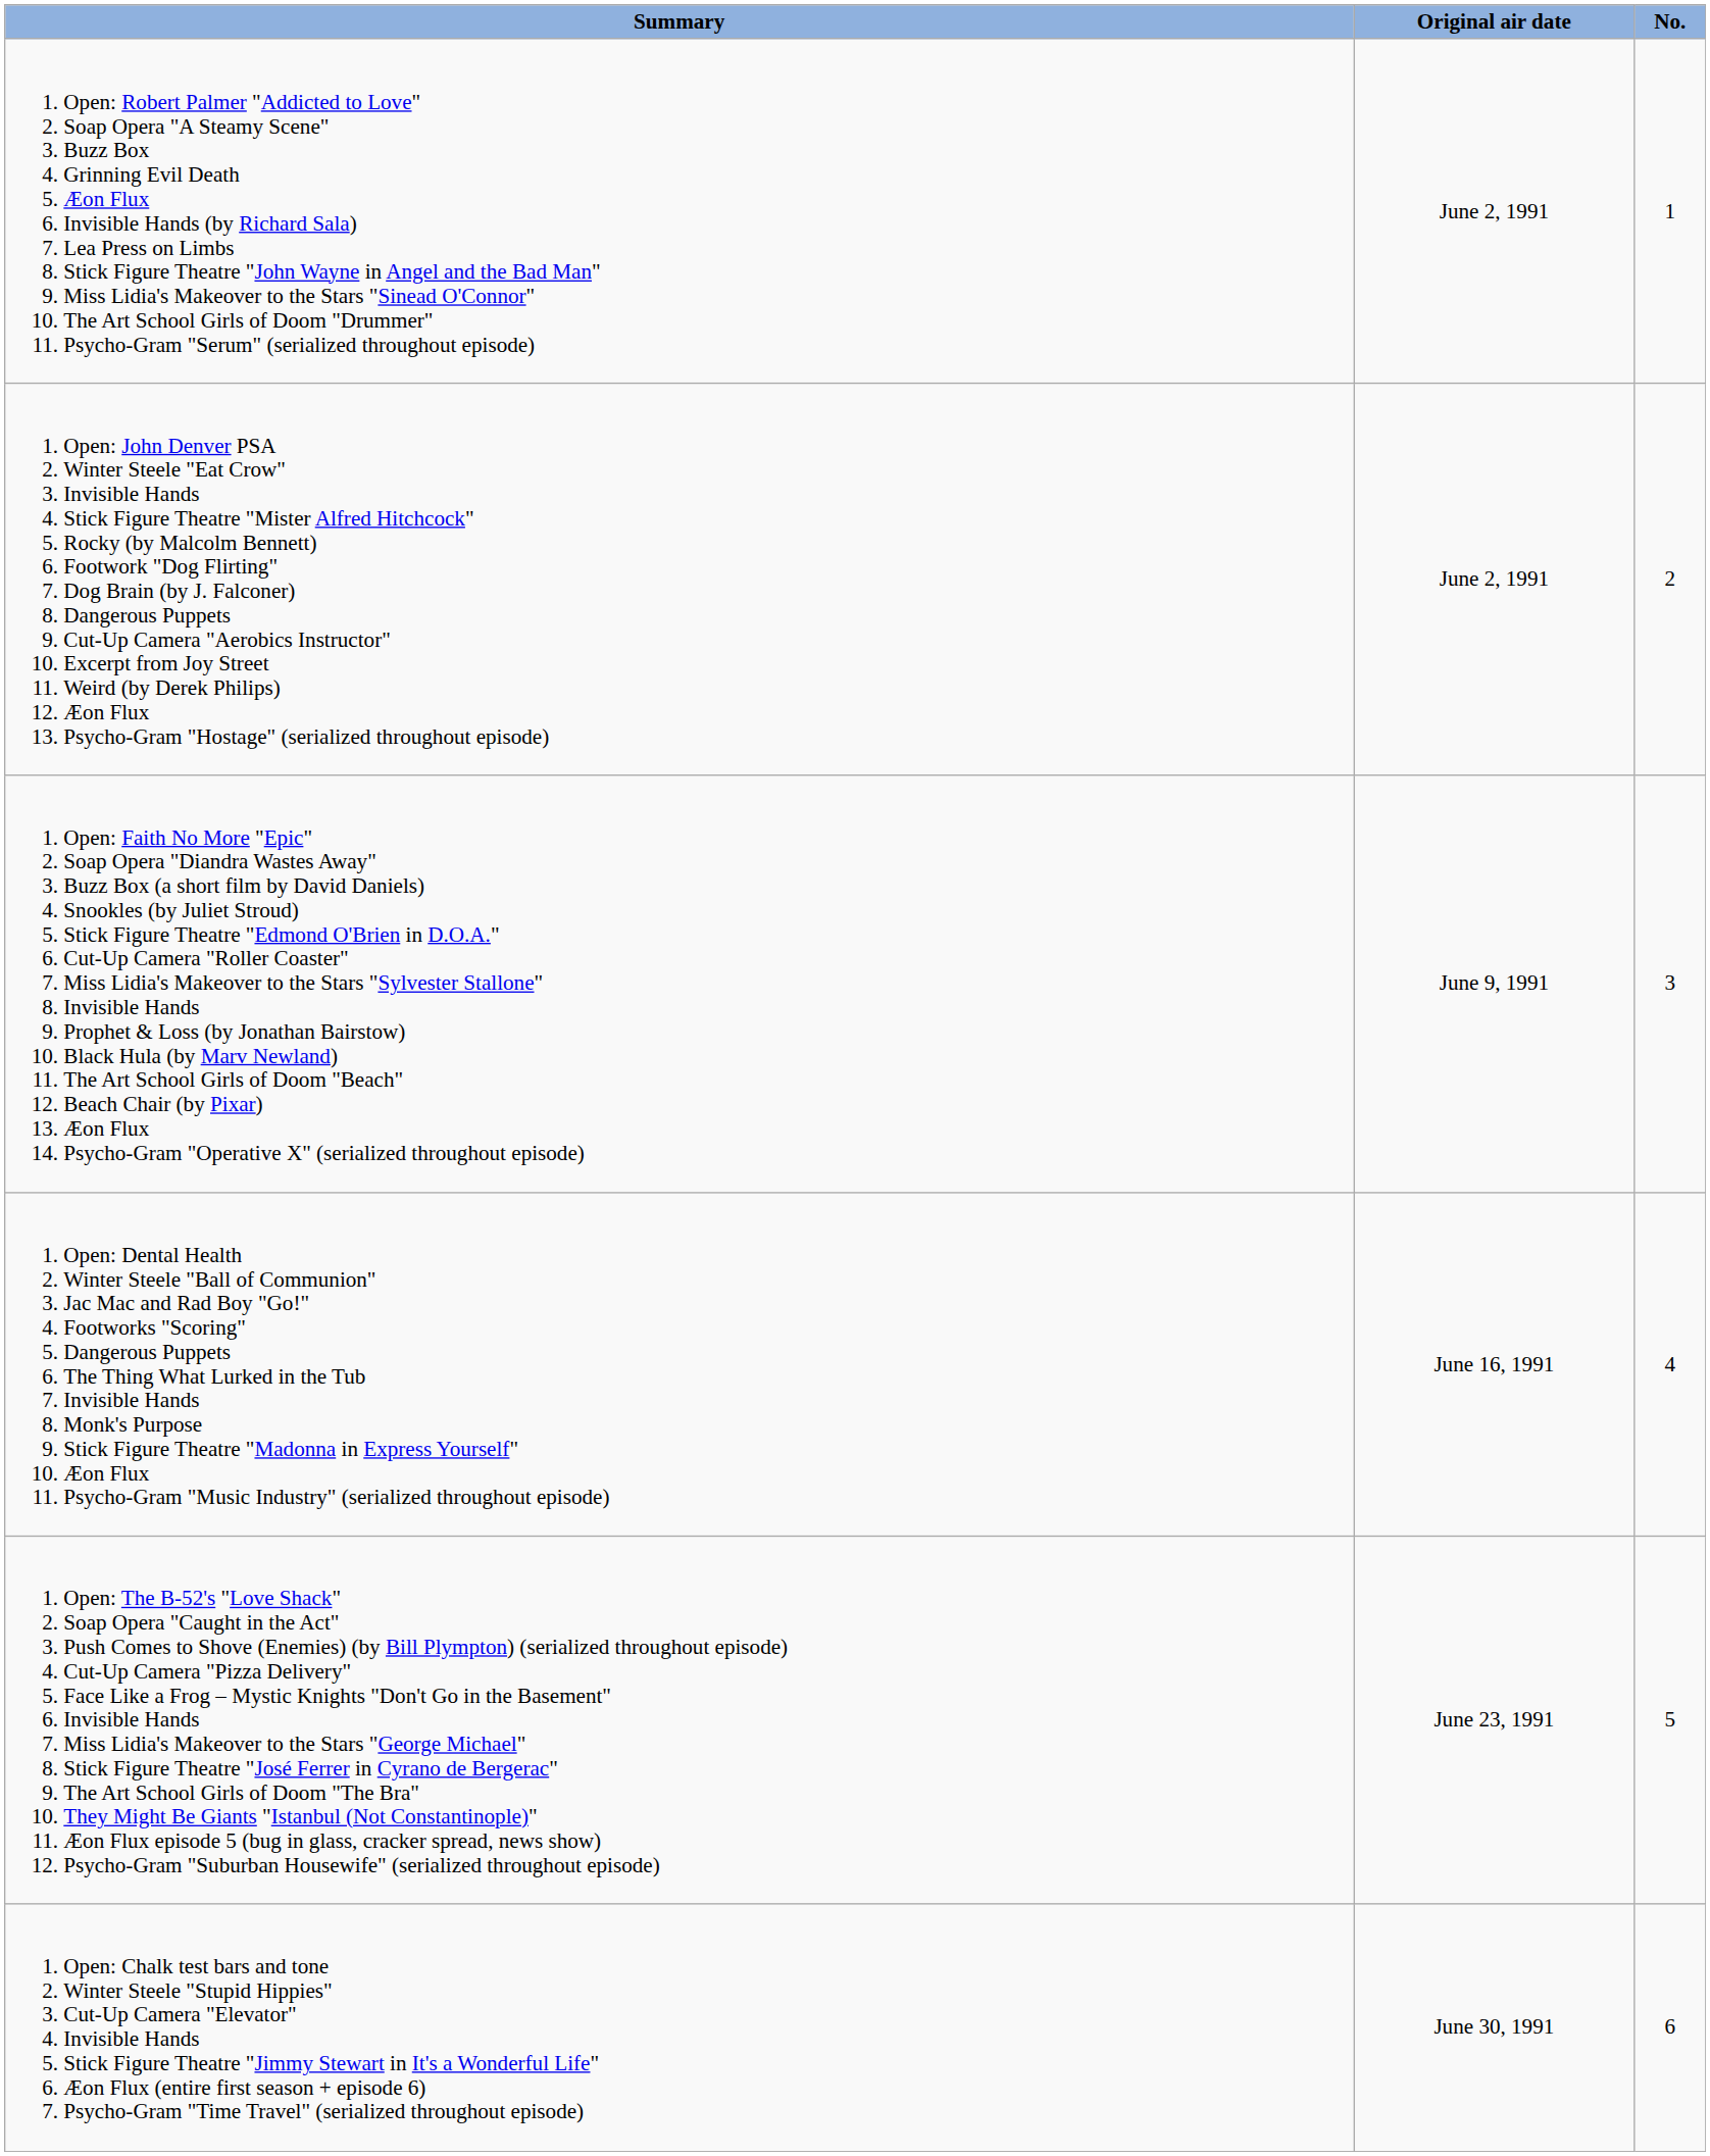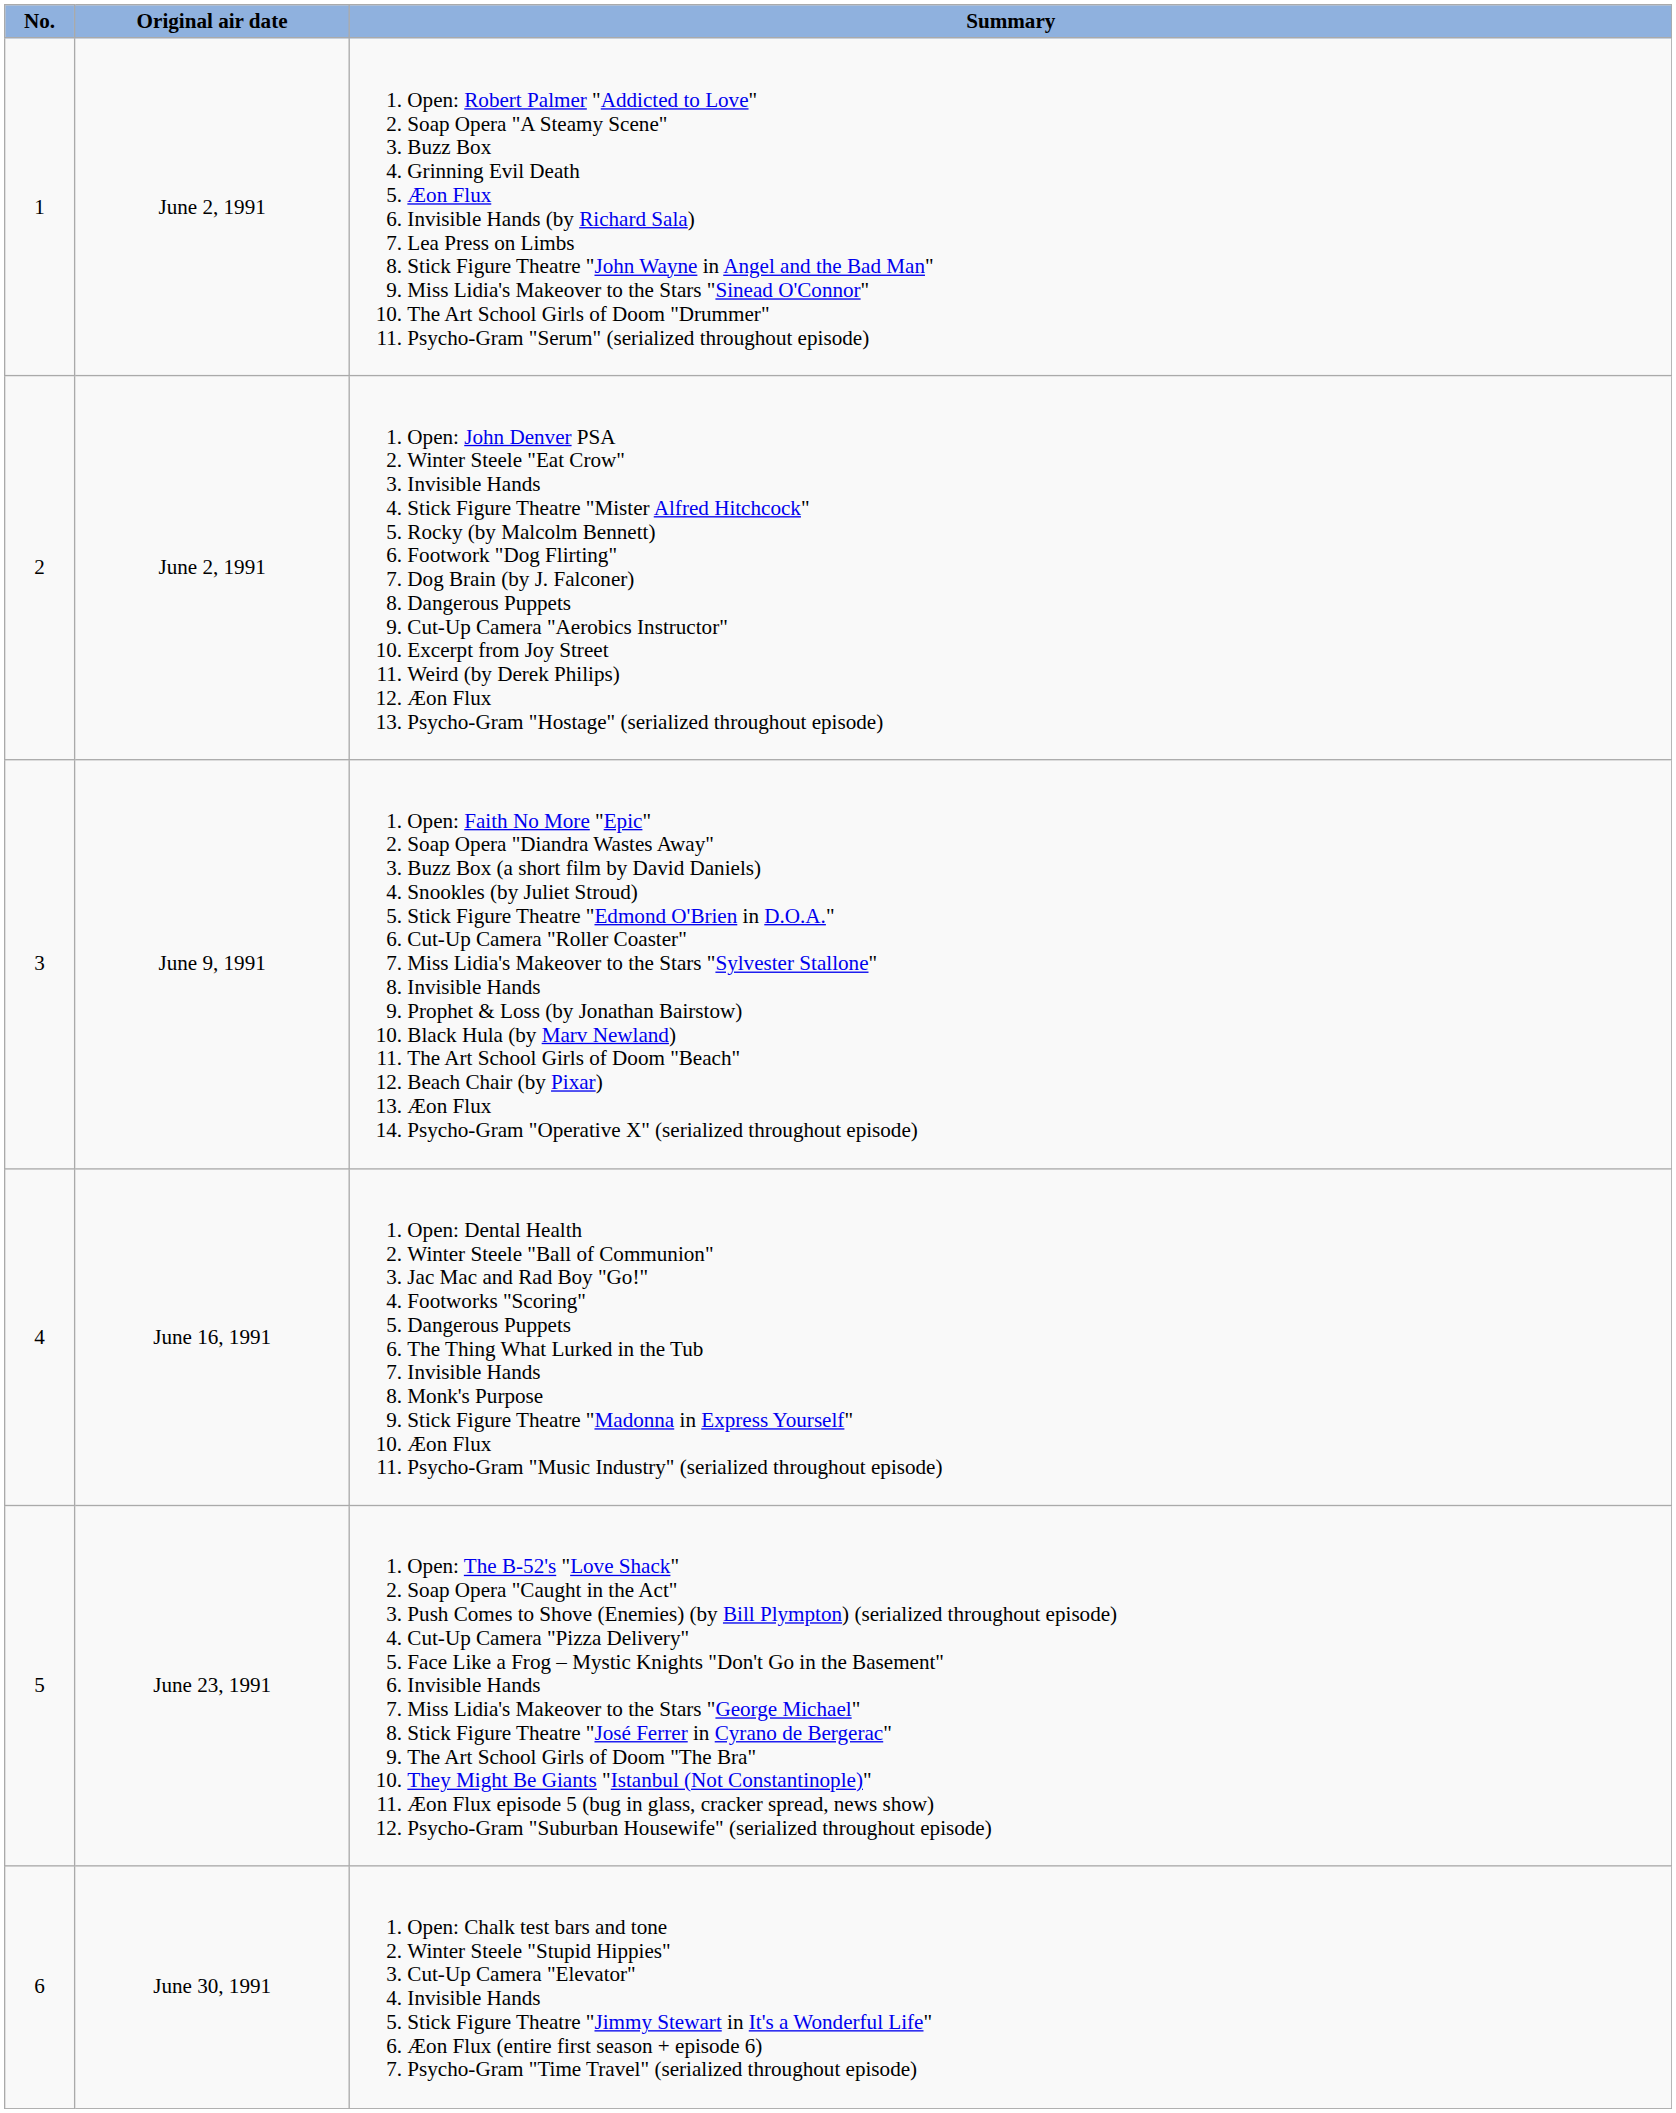 <table class="wikitable plainrowheaders" border="1" style="width:100%;">
 <tr>
+<th style="background:#8fb1de">No.</th>
+<th style="background:#8fb1de">Original air date</th>
 <th style="background:#8fb1de">Summary</th>
-<th style="background:#8fb1de">Original air date</th>
-<th style="background:#8fb1de">No.</th>
 </tr>
 <tr>
+<td style="text-align:center;">1</td>
+<td style="text-align:center;">June 2, 1991</td>
 <td><br><ol><li>Open: <a href='#'>Robert Palmer</a> "<a href='#'>Addicted to Love</a>"</li><li>Soap Opera "A Steamy Scene"</li><li>Buzz Box</li><li>Grinning Evil Death</li><li><a href='#'>Æon Flux</a></li><li>Invisible Hands (by <a href='#'>Richard Sala</a>)</li><li>Lea Press on Limbs</li><li>Stick Figure Theatre "<a href='#'>John Wayne</a> in <a href='#'>Angel and the Bad Man</a>"</li><li>Miss Lidia's Makeover to the Stars "<a href='#'>Sinead O'Connor</a>"</li><li>The Art School Girls of Doom "Drummer"</li><li>Psycho-Gram "Serum" (serialized throughout episode)</li></ol></td>
-<td style="text-align:center;">June 2, 1991</td>
-<td style="text-align:center;">1</td>
 </tr>
 <tr>
+<td style="text-align:center;">2</td>
+<td style="text-align:center;">June 2, 1991</td>
 <td><br><ol><li>Open: <a href='#'>John Denver</a> PSA</li><li>Winter Steele "Eat Crow"</li><li>Invisible Hands</li><li>Stick Figure Theatre "Mister <a href='#'>Alfred Hitchcock</a>"</li><li>Rocky (by Malcolm Bennett)</li><li>Footwork "Dog Flirting"</li><li>Dog Brain (by J. Falconer)</li><li>Dangerous Puppets</li><li>Cut-Up Camera "Aerobics Instructor"</li><li>Excerpt from Joy Street</li><li>Weird (by Derek Philips)</li><li>Æon Flux</li><li>Psycho-Gram "Hostage" (serialized throughout episode)</li></ol></td>
-<td style="text-align:center;">June 2, 1991</td>
-<td style="text-align:center;">2</td>
 </tr>
 <tr>
+<td style="text-align:center;">3</td>
+<td style="text-align:center;">June 9, 1991</td>
 <td><br><ol><li>Open: <a href='#'>Faith No More</a> "<a href='#'>Epic</a>"</li><li>Soap Opera "Diandra Wastes Away"</li><li>Buzz Box (a short film by David Daniels)</li><li>Snookles (by Juliet Stroud)</li><li>Stick Figure Theatre "<a href='#'>Edmond O'Brien</a> in <a href='#'>D.O.A.</a>"</li><li>Cut-Up Camera "Roller Coaster"</li><li>Miss Lidia's Makeover to the Stars "<a href='#'>Sylvester Stallone</a>"</li><li>Invisible Hands</li><li>Prophet & Loss (by Jonathan Bairstow)</li><li>Black Hula (by <a href='#'>Marv Newland</a>)</li><li>The Art School Girls of Doom "Beach"</li><li>Beach Chair (by <a href='#'>Pixar</a>)</li><li>Æon Flux</li><li>Psycho-Gram "Operative X" (serialized throughout episode)</li></ol></td>
-<td style="text-align:center;">June 9, 1991</td>
-<td style="text-align:center;">3</td>
 </tr>
 <tr>
+<td style="text-align:center;">4</td>
+<td style="text-align:center;">June 16, 1991</td>
 <td><br><ol><li>Open: Dental Health</li><li>Winter Steele "Ball of Communion"</li><li>Jac Mac and Rad Boy "Go!"</li><li>Footworks "Scoring"</li><li>Dangerous Puppets</li><li>The Thing What Lurked in the Tub</li><li>Invisible Hands</li><li>Monk's Purpose</li><li>Stick Figure Theatre "<a href='#'>Madonna</a> in <a href='#'>Express Yourself</a>"</li><li>Æon Flux</li><li>Psycho-Gram "Music Industry" (serialized throughout episode)</li></ol></td>
-<td style="text-align:center;">June 16, 1991</td>
-<td style="text-align:center;">4</td>
 </tr>
 <tr>
+<td style="text-align:center;">5</td>
+<td style="text-align:center;">June 23, 1991</td>
 <td><br><ol><li>Open: <a href='#'>The B-52's</a> "<a href='#'>Love Shack</a>"</li><li>Soap Opera "Caught in the Act"</li><li>Push Comes to Shove (Enemies) (by <a href='#'>Bill Plympton</a>) (serialized throughout episode)</li><li>Cut-Up Camera "Pizza Delivery"</li><li>Face Like a Frog – Mystic Knights "Don't Go in the Basement"</li><li>Invisible Hands</li><li>Miss Lidia's Makeover to the Stars "<a href='#'>George Michael</a>"</li><li>Stick Figure Theatre "<a href='#'>José Ferrer</a> in <a href='#'>Cyrano de Bergerac</a>"</li><li>The Art School Girls of Doom "The Bra"</li><li><a href='#'>They Might Be Giants</a> "<a href='#'>Istanbul (Not Constantinople)</a>"</li><li>Æon Flux episode 5 (bug in glass, cracker spread, news show) </li><li>Psycho-Gram "Suburban Housewife" (serialized throughout episode)</li></ol></td>
-<td style="text-align:center;">June 23, 1991</td>
-<td style="text-align:center;">5</td>
 </tr>
 <tr>
+<td style="text-align:center;">6</td>
+<td style="text-align:center;">June 30, 1991</td>
 <td><br><ol><li>Open: Chalk test bars and tone</li><li>Winter Steele "Stupid Hippies"</li><li>Cut-Up Camera "Elevator"</li><li>Invisible Hands</li><li>Stick Figure Theatre "<a href='#'>Jimmy Stewart</a> in <a href='#'>It's a Wonderful Life</a>"</li><li>Æon Flux (entire first season + episode 6)</li><li>Psycho-Gram "Time Travel" (serialized throughout episode)</li></ol></td>
-<td style="text-align:center;">June 30, 1991</td>
-<td style="text-align:center;">6</td>
 </tr>
 </table>
